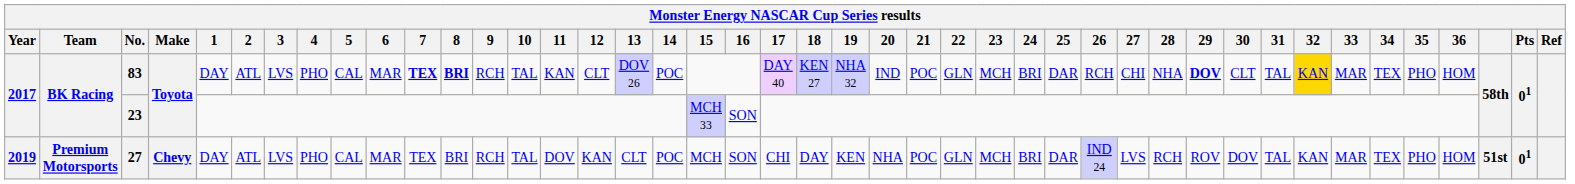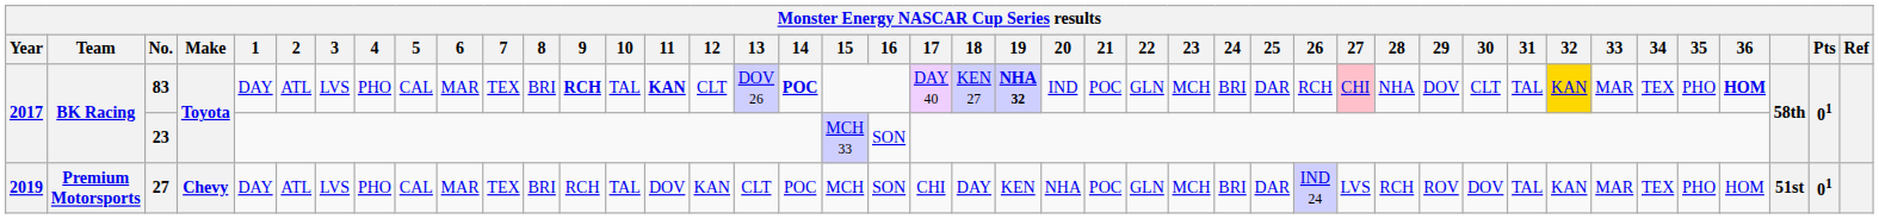 <table class="wikitable" style="text-align:center; font-size:75%">
 <tr>
 <th colspan=45><a href='#'>Monster Energy NASCAR Cup Series</a> results</th>
 </tr>
 <tr>
 <th>Year</th>
 <th>Team</th>
 <th>No.</th>
 <th>Make</th>
 <th>1</th>
 <th>2</th>
 <th>3</th>
 <th>4</th>
 <th>5</th>
 <th>6</th>
 <th>7</th>
 <th>8</th>
 <th>9</th>
 <th>10</th>
 <th>11</th>
 <th>12</th>
 <th>13</th>
 <th>14</th>
 <th>15</th>
 <th>16</th>
 <th>17</th>
 <th>18</th>
 <th>19</th>
 <th>20</th>
 <th>21</th>
 <th>22</th>
 <th>23</th>
 <th>24</th>
 <th>25</th>
 <th>26</th>
 <th>27</th>
 <th>28</th>
 <th>29</th>
 <th>30</th>
 <th>31</th>
 <th>32</th>
 <th>33</th>
 <th>34</th>
 <th>35</th>
 <th>36</th>
 <th></th>
 <th>Pts</th>
 <th>Ref</th>
 </tr>
 <tr>
 <th rowspan=2><a href='#'>2017</a></th>
 <th rowspan=2><a href='#'>BK Racing</a></th>
 <th>83</th>
 <th rowspan=2><a href='#'>Toyota</a></th>
 <td><a href='#'>DAY</a></td>
 <td><a href='#'>ATL</a></td>
 <td><a href='#'>LVS</a></td>
 <td><a href='#'>PHO</a></td>
 <td><a href='#'>CAL</a></td>
 <td><a href='#'>MAR</a></td>
-<td><strong><a href='#'>TEX</a></strong></td>
-<td><strong><a href='#'>BRI</a></strong></td>
-<td><a href='#'>RCH</a></td>
+<td><a href='#'>TEX</a></td>
+<td><a href='#'>BRI</a></td>
+<td><strong><a href='#'>RCH</a></strong></td>
 <td><a href='#'>TAL</a></td>
-<td><a href='#'>KAN</a></td>
+<td><strong><a href='#'>KAN</a></strong></td>
 <td><a href='#'>CLT</a></td>
 <td style="background:#CFCFFF;"><a href='#'>DOV</a><br><small>26</small></td>
-<td><a href='#'>POC</a></td>
+<td><strong><a href='#'>POC</a></strong></td>
 <td colspan=2></td>
 <td style="background:#EFCFFF;"><a href='#'>DAY</a><br><small>40</small></td>
 <td style="background:#CFCFFF;"><a href='#'>KEN</a><br><small>27</small></td>
-<td style="background:#CFCFFF;"><a href='#'>NHA</a><br><small>32</small></td>
+<td style="background:#CFCFFF;"><strong><a href='#'>NHA</a><br><small>32</small></strong></td>
 <td><a href='#'>IND</a></td>
 <td><a href='#'>POC</a></td>
 <td><a href='#'>GLN</a></td>
 <td><a href='#'>MCH</a></td>
 <td><a href='#'>BRI</a></td>
 <td><a href='#'>DAR</a></td>
 <td><a href='#'>RCH</a></td>
-<td><a href='#'>CHI</a></td>
+<td style="background: pink;"><a href='#'>CHI</a></td>
 <td><a href='#'>NHA</a></td>
-<td><strong><a href='#'>DOV</a></strong></td>
+<td><a href='#'>DOV</a></td>
 <td><a href='#'>CLT</a></td>
 <td><a href='#'>TAL</a></td>
 <td style="background: gold;"><a href='#'>KAN</a></td>
 <td><a href='#'>MAR</a></td>
 <td><a href='#'>TEX</a></td>
 <td><a href='#'>PHO</a></td>
-<td><a href='#'>HOM</a></td>
+<td><strong><a href='#'>HOM</a></strong></td>
 <th rowspan=2>58th</th>
 <th rowspan=2>0<sup>1</sup></th>
 <th rowspan=2></th>
 </tr>
 <tr>
 <th>23</th>
 <td colspan=14></td>
 <td style="background:#CFCFFF;"><a href='#'>MCH</a><br><small>33</small></td>
 <td><a href='#'>SON</a></td>
 <td colspan=20></td>
 </tr>
 <tr>
 <th><a href='#'>2019</a></th>
 <th><a href='#'>Premium Motorsports</a></th>
 <th>27</th>
 <th><a href='#'>Chevy</a></th>
 <td><a href='#'>DAY</a></td>
 <td><a href='#'>ATL</a></td>
 <td><a href='#'>LVS</a></td>
 <td><a href='#'>PHO</a></td>
 <td><a href='#'>CAL</a></td>
 <td><a href='#'>MAR</a></td>
 <td><a href='#'>TEX</a></td>
 <td><a href='#'>BRI</a></td>
 <td><a href='#'>RCH</a></td>
 <td><a href='#'>TAL</a></td>
 <td><a href='#'>DOV</a></td>
 <td><a href='#'>KAN</a></td>
 <td><a href='#'>CLT</a></td>
 <td><a href='#'>POC</a></td>
 <td><a href='#'>MCH</a></td>
 <td><a href='#'>SON</a></td>
 <td><a href='#'>CHI</a></td>
 <td><a href='#'>DAY</a></td>
 <td><a href='#'>KEN</a></td>
 <td><a href='#'>NHA</a></td>
 <td><a href='#'>POC</a></td>
 <td><a href='#'>GLN</a></td>
 <td><a href='#'>MCH</a></td>
 <td><a href='#'>BRI</a></td>
 <td><a href='#'>DAR</a></td>
 <td style="background:#CFCFFF;"><a href='#'>IND</a><br><small>24</small></td>
 <td><a href='#'>LVS</a></td>
 <td><a href='#'>RCH</a></td>
 <td><a href='#'>ROV</a></td>
 <td><a href='#'>DOV</a></td>
 <td><a href='#'>TAL</a></td>
 <td><a href='#'>KAN</a></td>
 <td><a href='#'>MAR</a></td>
 <td><a href='#'>TEX</a></td>
 <td><a href='#'>PHO</a></td>
 <td><a href='#'>HOM</a></td>
 <th>51st</th>
 <th>0<sup>1</sup></th>
 <th></th>
 </tr>
 </table>
